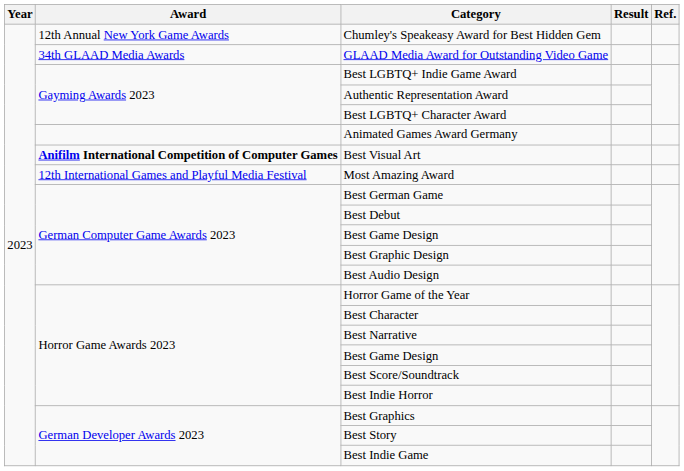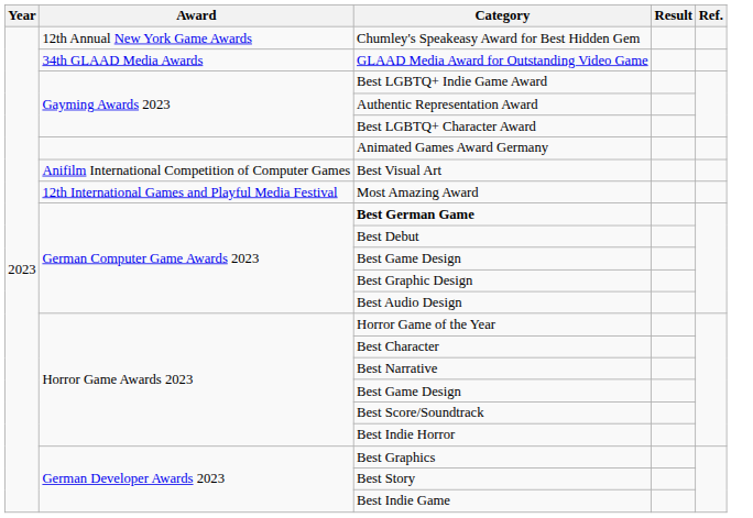 <table class="wikitable sortable" caption=Award nominations for >
 <tr>
 <th scope="col">Year</th>
 <th scope="col">Award</th>
 <th scope="col">Category</th>
 <th scope="col">Result</th>
 <th scope="col" class="unsortable">Ref.</th>
 </tr>
 <tr>
 <td rowspan="22" style="text-align:center;">2023</td>
 <td>12th Annual <a href='#'>New York Game Awards</a></td>
 <td>Chumley's Speakeasy Award for Best Hidden Gem</td>
 <td></td>
 <td style="text-align:center;"></td>
 </tr>
 <tr>
 <td><a href='#'>34th GLAAD Media Awards</a></td>
 <td><a href='#'>GLAAD Media Award for Outstanding Video Game</a></td>
 <td></td>
 <td style="text-align:center;"></td>
 </tr>
 <tr>
 <td rowspan="3"><a href='#'>Gayming Awards</a> 2023</td>
 <td>Best LGBTQ+ Indie Game Award</td>
 <td></td>
 <td rowspan="3" style="text-align:center;"></td>
 </tr>
 <tr>
 <td>Authentic Representation Award</td>
 <td></td>
 </tr>
 <tr>
 <td>Best LGBTQ+ Character Award</td>
 <td></td>
 </tr>
 <tr>
 <td></td>
 <td>Animated Games Award Germany</td>
 <td></td>
 <td style="text-align:center;"></td>
 </tr>
 <tr>
-<td><strong><a href='#'>Anifilm</a> International Competition of Computer Games</strong></td>
+<td><a href='#'>Anifilm</a> International Competition of Computer Games</td>
 <td>Best Visual Art</td>
 <td></td>
 <td style="text-align:center;"></td>
 </tr>
 <tr>
 <td><a href='#'>12th International Games and Playful Media Festival</a></td>
 <td>Most Amazing Award</td>
 <td></td>
 <td style="text-align:center;"></td>
 </tr>
 <tr>
 <td rowspan="5"><a href='#'>German Computer Game Awards</a> 2023</td>
-<td>Best German Game</td>
+<td><strong>Best German Game</strong></td>
 <td></td>
 <td rowspan="5" style="text-align:center;"></td>
 </tr>
 <tr>
 <td>Best Debut</td>
 <td></td>
 </tr>
 <tr>
 <td>Best Game Design</td>
 <td></td>
 </tr>
 <tr>
 <td>Best Graphic Design</td>
 <td></td>
 </tr>
 <tr>
 <td>Best Audio Design</td>
 <td></td>
 </tr>
 <tr>
 <td rowspan="6">Horror Game Awards 2023</td>
 <td>Horror Game of the Year</td>
 <td></td>
 <td rowspan="6" style="text-align:center;"></td>
 </tr>
 <tr>
 <td>Best Character</td>
 <td></td>
 </tr>
 <tr>
 <td>Best Narrative</td>
 <td></td>
 </tr>
 <tr>
 <td>Best Game Design</td>
 <td></td>
 </tr>
 <tr>
 <td>Best Score/Soundtrack</td>
 <td></td>
 </tr>
 <tr>
 <td>Best Indie Horror</td>
 <td></td>
 </tr>
 <tr>
 <td rowspan="3"><a href='#'>German Developer Awards</a> 2023</td>
 <td>Best Graphics</td>
 <td></td>
 <td rowspan="3" style="text-align:center;"></td>
 </tr>
 <tr>
 <td>Best Story</td>
 <td></td>
 </tr>
 <tr>
 <td>Best Indie Game</td>
 <td></td>
 </tr>
 </table>
